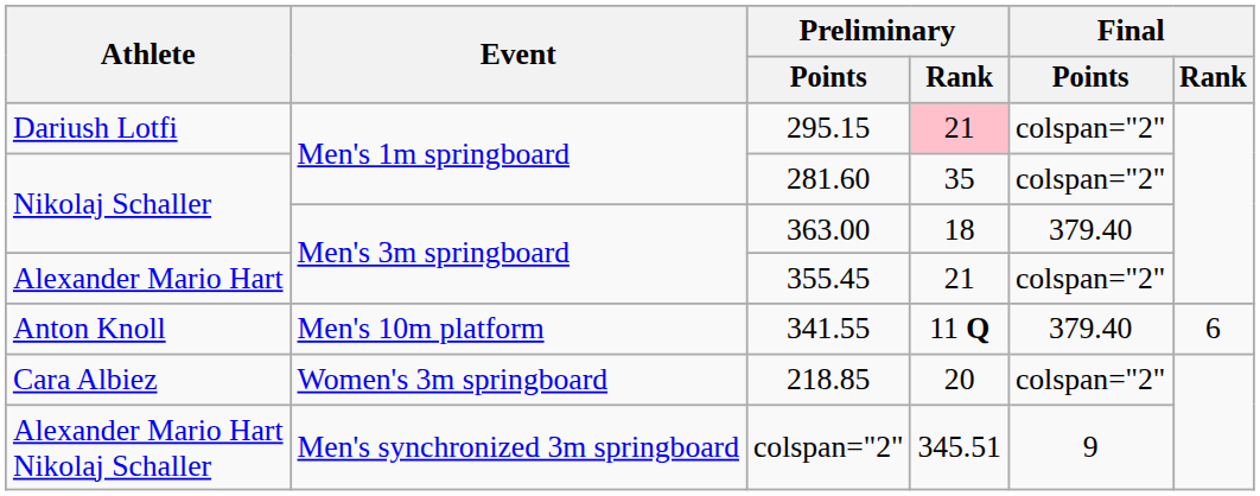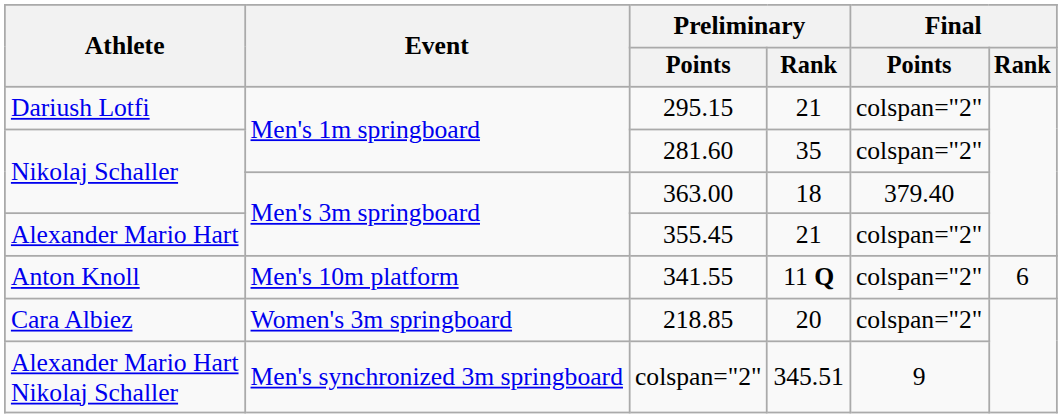 <table class="wikitable" style="text-align:center; font-size:90%">
 <tr>
 <th rowspan="2">Athlete</th>
 <th rowspan="2">Event</th>
 <th colspan="2">Preliminary</th>
 <th colspan="2">Final</th>
 </tr>
 <tr style="font-size:95%">
 <th>Points</th>
 <th>Rank</th>
 <th>Points</th>
 <th>Rank</th>
 </tr>
 <tr>
 <td align="left"><a href='#'>Dariush Lotfi</a></td>
 <td align="left" rowspan="2"><a href='#'>Men's 1m springboard</a></td>
 <td>295.15</td>
-<td style="background: pink;">21</td>
+<td>21</td>
 <td>colspan="2" </td>
 </tr>
 <tr>
 <td align="left" rowspan="2"><a href='#'>Nikolaj Schaller</a></td>
 <td>281.60</td>
 <td>35</td>
 <td>colspan="2" </td>
 </tr>
 <tr>
 <td align="left" rowspan="2"><a href='#'>Men's 3m springboard</a></td>
 <td>363.00</td>
 <td>18</td>
 <td>379.40</td>
 </tr>
 <tr>
 <td align="left"><a href='#'>Alexander Mario Hart</a></td>
 <td>355.45</td>
 <td>21</td>
 <td>colspan="2" </td>
 </tr>
 <tr>
 <td align="left"><a href='#'>Anton Knoll</a></td>
 <td align="left"><a href='#'>Men's 10m platform</a></td>
 <td>341.55</td>
 <td>11 <strong>Q</strong></td>
-<td>379.40</td>
+<td>colspan="2" </td>
 <td>6</td>
 </tr>
 <tr>
 <td align="left"><a href='#'>Cara Albiez</a></td>
 <td align="left"><a href='#'>Women's 3m springboard</a></td>
 <td>218.85</td>
 <td>20</td>
 <td>colspan="2" </td>
 </tr>
 <tr>
 <td align="left"><a href='#'>Alexander Mario Hart</a><br><a href='#'>Nikolaj Schaller</a></td>
 <td align="left"><a href='#'>Men's synchronized 3m springboard</a></td>
 <td>colspan="2" </td>
 <td>345.51</td>
 <td>9</td>
 </tr>
 </table>
